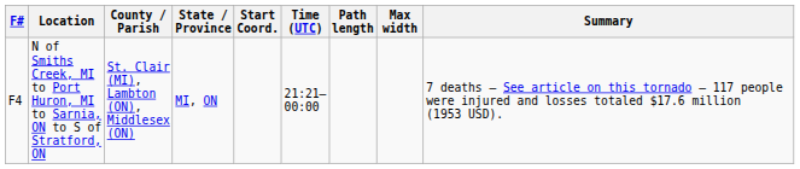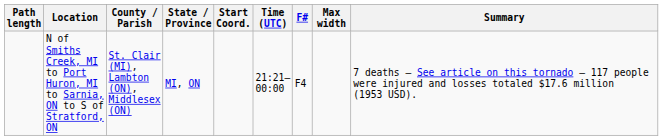 <table class="wikitable sortable" style="width:100%;">
 <tr>
-<th scope="col"  style="width:3%; text-align:center;"><a href='#'>F#</a></th>
+<th scope="col"  style="width:6%; text-align:center;">Path length</th>
 <th scope="col"  style="width:7%; text-align:center;" class="unsortable">Location</th>
 <th scope="col"  style="width:6%; text-align:center;" class="unsortable">County / Parish</th>
 <th scope="col"  style="width:5%; text-align:center;">State / Province</th>
 <th scope="col"  style="width:6%; text-align:center;">Start Coord.</th>
 <th scope="col"  style="width:6%; text-align:center;">Time (<a href='#'>UTC</a>)</th>
-<th scope="col"  style="width:6%; text-align:center;">Path length</th>
+<th scope="col"  style="width:3%; text-align:center;"><a href='#'>F#</a></th>
 <th scope="col"  style="width:6%; text-align:center;">Max width</th>
 <th scope="col" class="unsortable" style="width:48%; text-align:center;">Summary</th>
 </tr>
 <tr>
-<td>F4</td>
+<td></td>
 <td>N of <a href='#'>Smiths Creek, MI</a> to <a href='#'>Port Huron, MI</a> to <a href='#'>Sarnia, ON</a> to S of <a href='#'>Stratford, ON</a></td>
 <td><a href='#'>St. Clair (MI)</a>, <a href='#'>Lambton (ON)</a>, <a href='#'>Middlesex (ON)</a></td>
 <td><a href='#'>MI</a>, <a href='#'>ON</a></td>
 <td></td>
 <td>21:21–00:00</td>
-<td></td>
+<td>F4</td>
 <td></td>
 <td>7 deaths – <a href='#'>See article on this tornado</a> – 117 people were injured and losses totaled $17.6 million (1953 USD).</td>
 </tr>
 </table>
